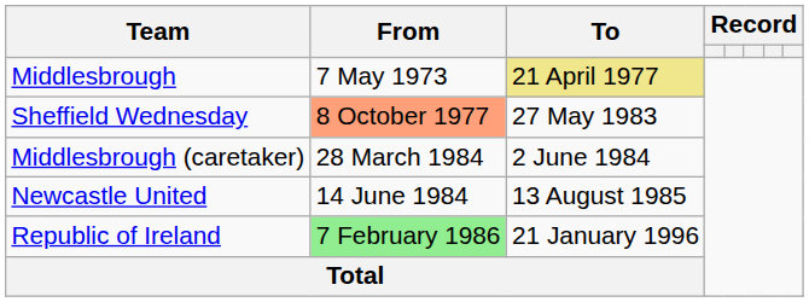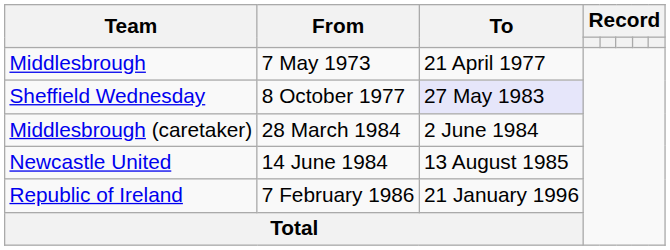 <table class="wikitable" style="text-align: center">
 <tr>
 <th scope="col" rowspan="2">Team</th>
 <th scope="col" rowspan="2">From</th>
 <th scope="col" rowspan="2">To</th>
 <th scope="col" colspan="5">Record</th>
 </tr>
 <tr>
 <th scope="col"></th>
 <th scope="col"></th>
 <th scope="col"></th>
 <th scope="col"></th>
 <th scope="col"></th>
 </tr>
 <tr>
 <td align="left"><a href='#'>Middlesbrough</a></td>
 <td align="left">7 May 1973</td>
-<td align=left style="background: khaki;">21 April 1977<br></td>
+<td align=left>21 April 1977<br></td>
 </tr>
 <tr>
 <td align="left"><a href='#'>Sheffield Wednesday</a></td>
-<td align="left" style="background: lightsalmon;">8 October 1977</td>
-<td align=left>27 May 1983<br></td>
+<td align="left">8 October 1977</td>
+<td align=left style="background: lavender;">27 May 1983<br></td>
 </tr>
 <tr>
 <td align="left"><a href='#'>Middlesbrough</a> (caretaker)</td>
 <td align="left">28 March 1984</td>
 <td align=left>2 June 1984<br></td>
 </tr>
 <tr>
 <td align="left"><a href='#'>Newcastle United</a></td>
 <td align="left">14 June 1984</td>
 <td align=left>13 August 1985<br></td>
 </tr>
 <tr>
 <td align="left"><a href='#'>Republic of Ireland</a></td>
-<td align="left" style="background: lightgreen;">7 February 1986</td>
+<td align="left">7 February 1986</td>
 <td align=left>21 January 1996<br></td>
 </tr>
 <tr>
 <th colspan="3">Total<br></th>
 </tr>
 </table>
